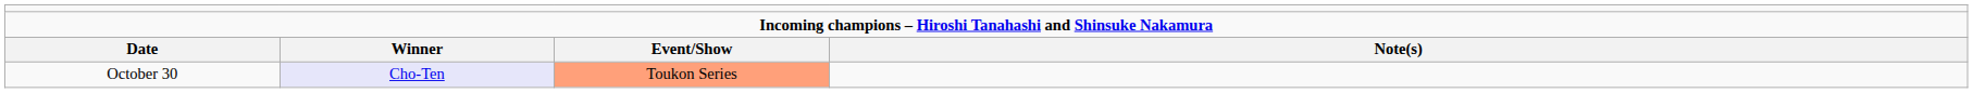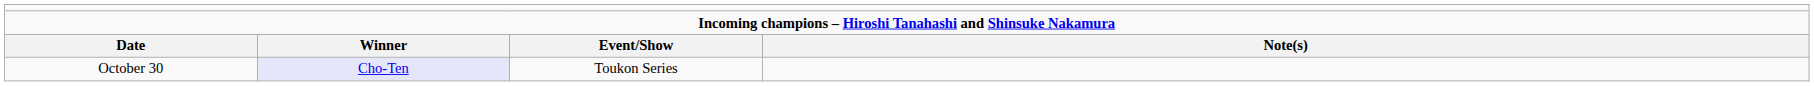 <table class="wikitable" style="text-align:center; width:100%;">
 <tr>
 <td colspan="5"></td>
 </tr>
 <tr>
 <td colspan="5"><strong>Incoming champions – <a href='#'>Hiroshi Tanahashi</a> and <a href='#'>Shinsuke Nakamura</a></strong></td>
 </tr>
 <tr>
 <th width=14%>Date</th>
 <th width=14%>Winner</th>
 <th width=14%>Event/Show</th>
 <th width=58%>Note(s)</th>
 </tr>
 <tr>
 <td>October 30</td>
 <td style="background: lavender;"><a href='#'>Cho-Ten</a><br></td>
-<td style="background: lightsalmon;">Toukon Series</td>
+<td>Toukon Series</td>
 <td align="left"></td>
 </tr>
 </table>
